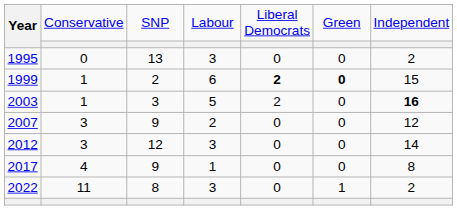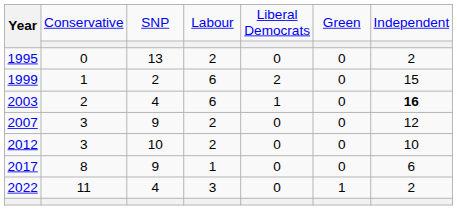 <table class=wikitable style=text-align:center>
 <tr>
 <th rowspan=2>Year</th>
 <td width="60"><a href='#'>Conservative</a></td>
 <td width="60"><a href='#'>SNP</a></td>
 <td width="60"><a href='#'>Labour</a></td>
 <td width="60"><a href='#'>Liberal Democrats</a></td>
 <td width="60"><a href='#'>Green</a></td>
 <td width="60"><a href='#'>Independent</a></td>
 </tr>
 <tr>
 <th style="background-color: "></th>
 <th style="background-color: "></th>
 <th style="background-color: "></th>
 <th style="background-color: "></th>
 <th style="background-color: "></th>
 <th style="background-color: "></th>
 </tr>
 <tr>
 <td><a href='#'>1995</a></td>
 <td>0</td>
 <td>13</td>
-<td>3</td>
+<td>2</td>
 <td>0</td>
 <td>0</td>
 <td>2</td>
 </tr>
 <tr>
 <td><a href='#'>1999</a></td>
 <td>1</td>
 <td>2</td>
 <td>6</td>
-<td><strong>2</strong></td>
-<td><strong>0</strong></td>
+<td>2</td>
+<td>0</td>
 <td>15</td>
 </tr>
 <tr>
 <td><a href='#'>2003</a></td>
+<td>2</td>
+<td>4</td>
+<td>6</td>
 <td>1</td>
-<td>3</td>
-<td>5</td>
-<td>2</td>
 <td>0</td>
 <td><strong>16</strong></td>
 </tr>
 <tr>
 <td><a href='#'>2007</a></td>
 <td>3</td>
 <td>9</td>
 <td>2</td>
 <td>0</td>
 <td>0</td>
 <td>12</td>
 </tr>
 <tr>
 <td><a href='#'>2012</a></td>
 <td>3</td>
-<td>12</td>
-<td>3</td>
+<td>10</td>
+<td>2</td>
 <td>0</td>
 <td>0</td>
-<td>14</td>
+<td>10</td>
 </tr>
 <tr>
 <td><a href='#'>2017</a></td>
-<td>4</td>
+<td>8</td>
 <td>9</td>
 <td>1</td>
 <td>0</td>
 <td>0</td>
-<td>8</td>
+<td>6</td>
 </tr>
 <tr>
 <td><a href='#'>2022</a></td>
 <td>11</td>
-<td>8</td>
+<td>4</td>
 <td>3</td>
 <td>0</td>
 <td>1</td>
 <td>2</td>
 </tr>
 <tr>
 <th></th>
 <th style="background-color: "></th>
 <th style="background-color: "></th>
 <th style="background-color: "></th>
 <th style="background-color: "></th>
 <th style="background-color: "></th>
 <th style="background-color: "></th>
 </tr>
 </table>
